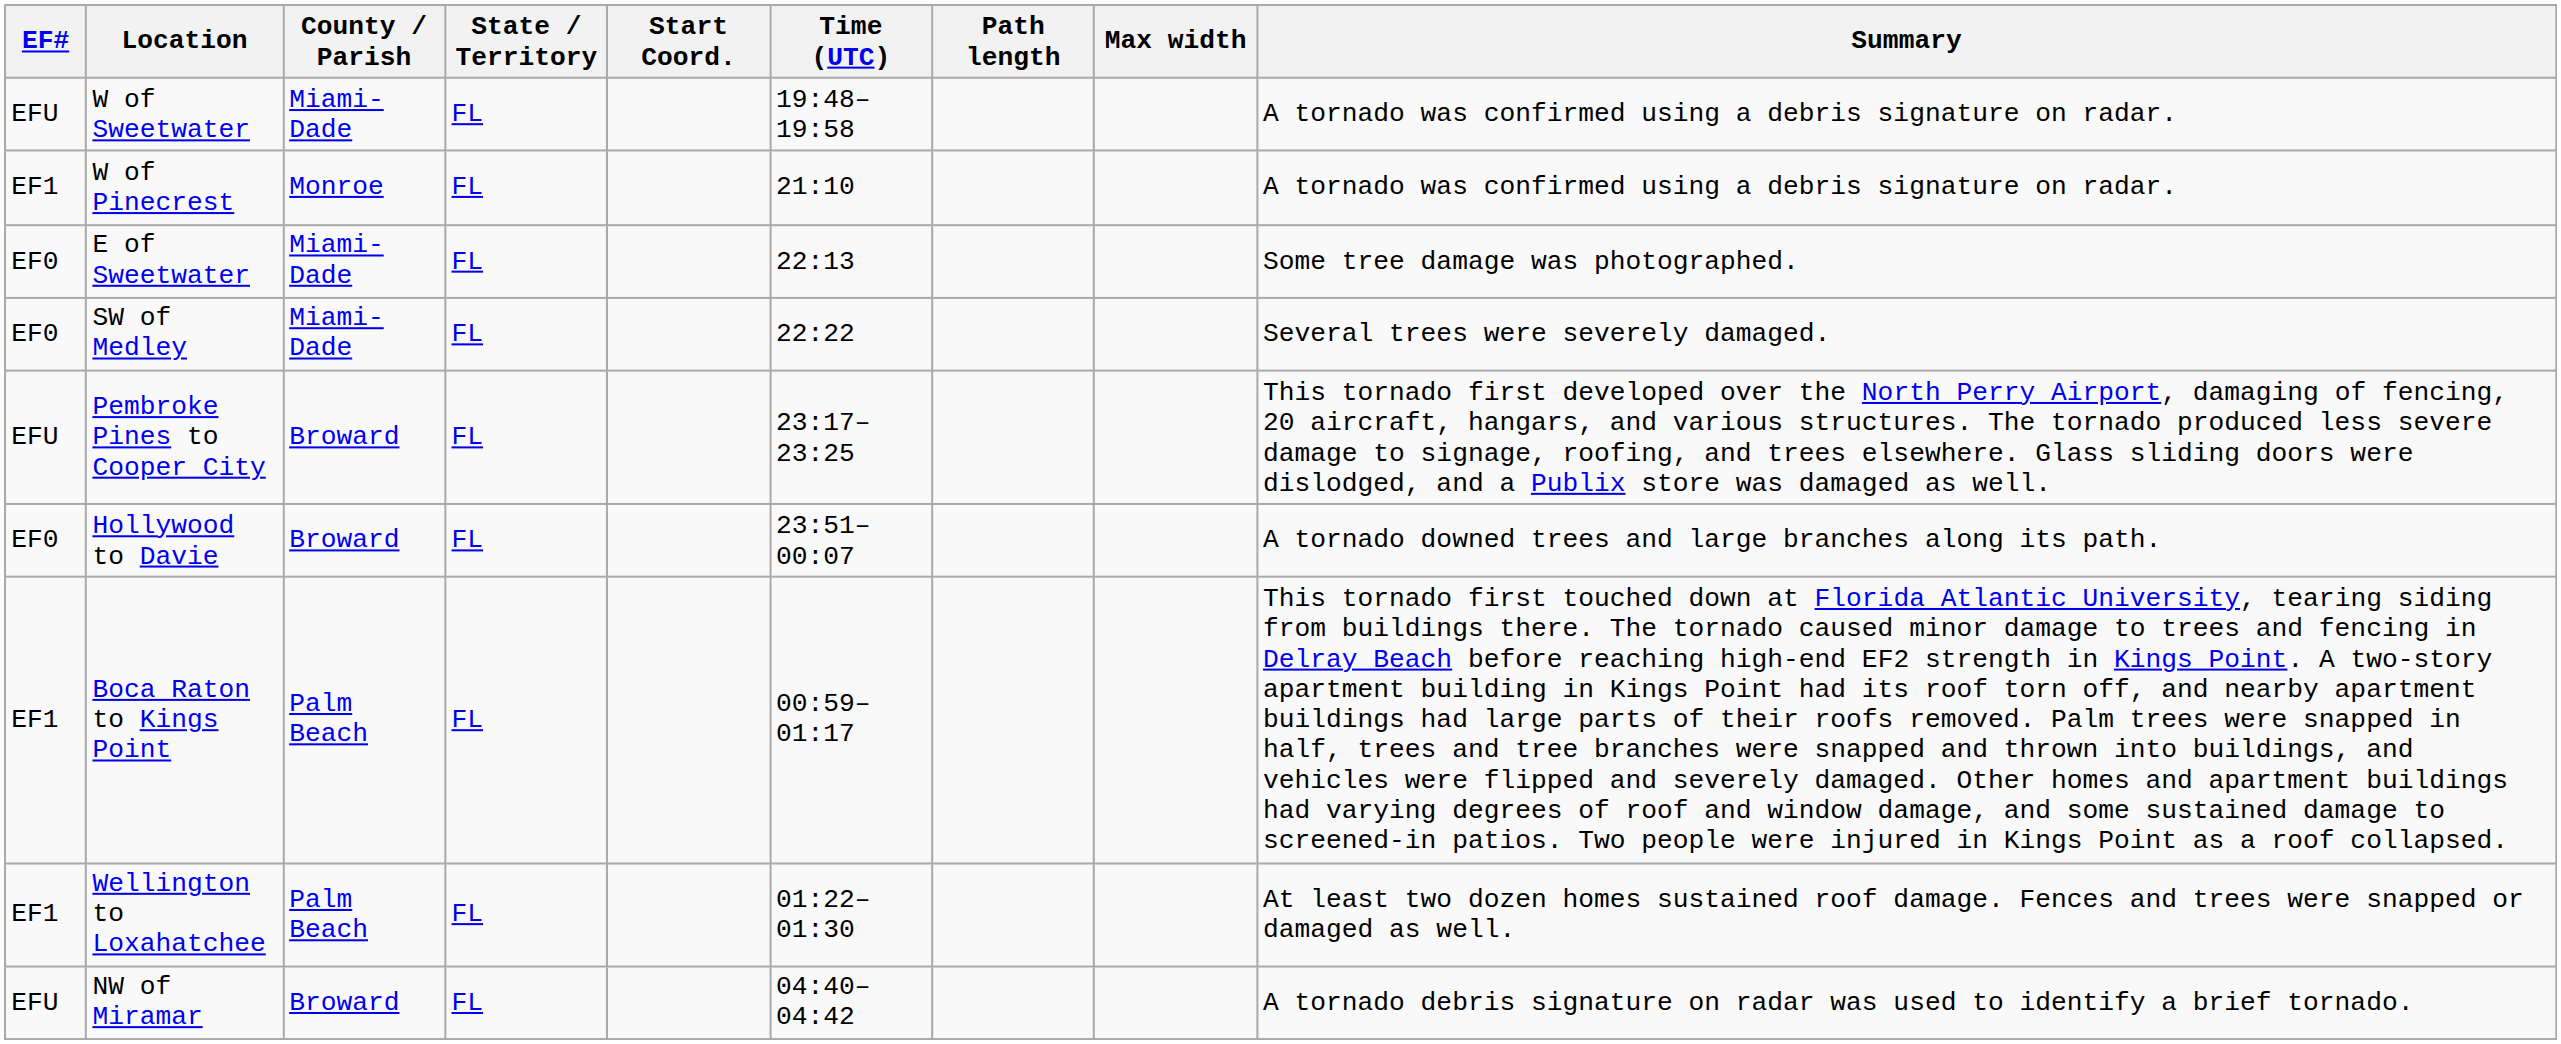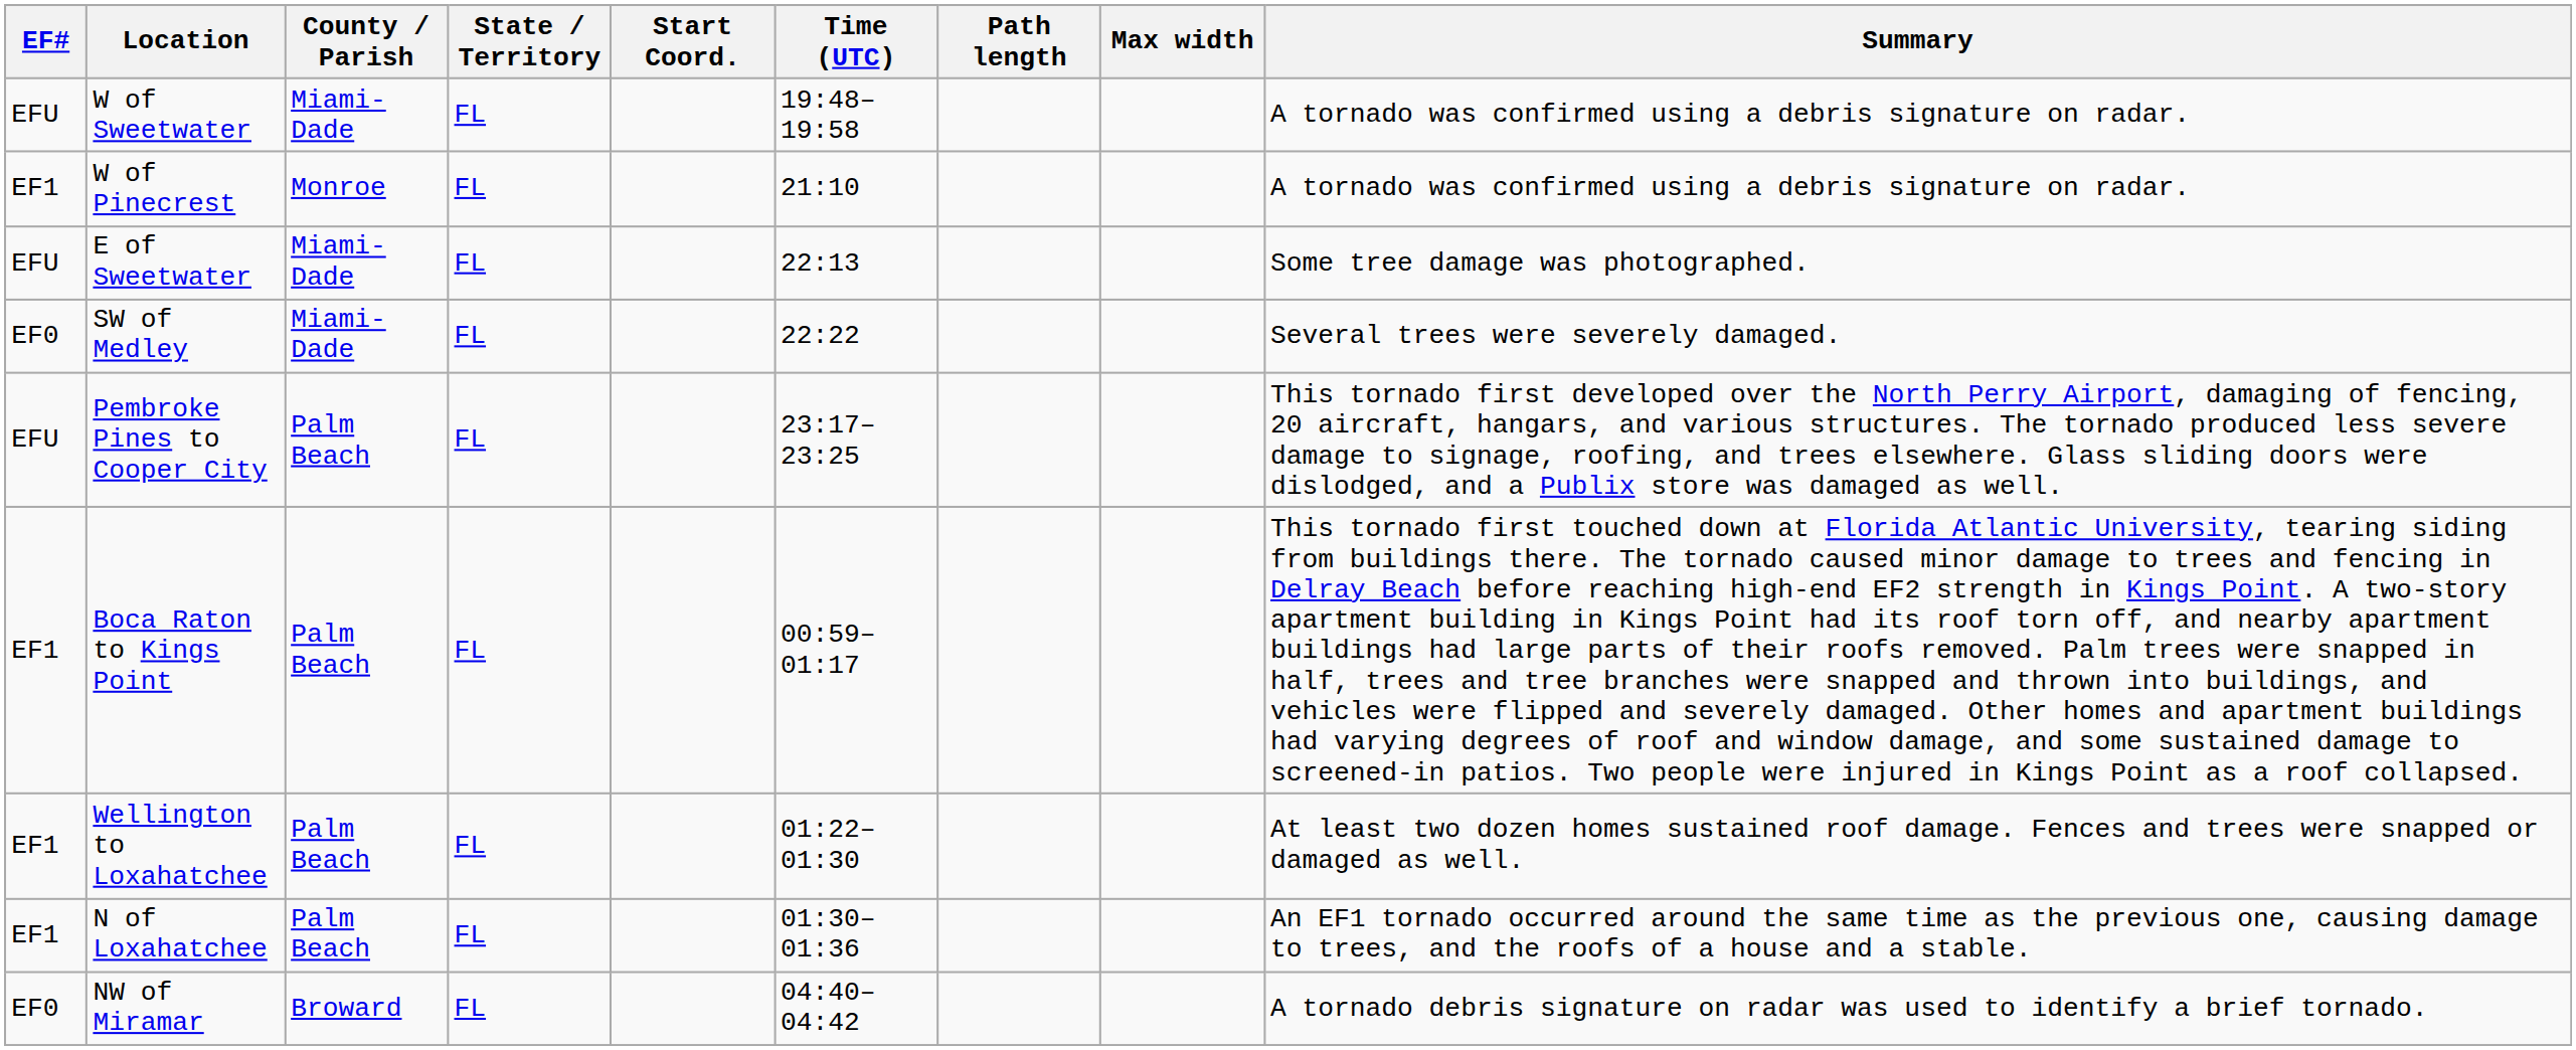 <table class="wikitable sortable" style="width:100%;">
 <tr>
 <th scope="col"  style="width:3%; text-align:center;"><a href='#'>EF#</a></th>
 <th scope="col"  style="width:7%; text-align:center;" class="unsortable">Location</th>
 <th scope="col"  style="width:6%; text-align:center;" class="unsortable">County / Parish</th>
 <th scope="col"  style="width:5%; text-align:center;">State / Territory</th>
 <th scope="col"  style="width:6%; text-align:center;">Start Coord.</th>
 <th scope="col"  style="width:6%; text-align:center;">Time (<a href='#'>UTC</a>)</th>
 <th scope="col"  style="width:6%; text-align:center;">Path length</th>
 <th scope="col"  style="width:6%; text-align:center;">Max width</th>
 <th scope="col" class="unsortable" style="width:48%; text-align:center;">Summary</th>
 </tr>
 <tr>
 <td>EFU</td>
 <td>W of <a href='#'>Sweetwater</a></td>
 <td><a href='#'>Miami-Dade</a></td>
 <td><a href='#'>FL</a></td>
 <td></td>
 <td>19:48–19:58</td>
 <td></td>
 <td></td>
 <td>A tornado was confirmed using a debris signature on radar.</td>
 </tr>
 <tr>
 <td>EF1</td>
 <td>W of <a href='#'>Pinecrest</a></td>
 <td><a href='#'>Monroe</a></td>
 <td><a href='#'>FL</a></td>
 <td></td>
 <td>21:10</td>
 <td></td>
 <td></td>
 <td>A tornado was confirmed using a debris signature on radar.</td>
 </tr>
 <tr>
-<td>EF0</td>
+<td>EFU</td>
 <td>E of <a href='#'>Sweetwater</a></td>
 <td><a href='#'>Miami-Dade</a></td>
 <td><a href='#'>FL</a></td>
 <td></td>
 <td>22:13</td>
 <td></td>
 <td></td>
 <td>Some tree damage was photographed.</td>
 </tr>
 <tr>
 <td>EF0</td>
 <td>SW of <a href='#'>Medley</a></td>
 <td><a href='#'>Miami-Dade</a></td>
 <td><a href='#'>FL</a></td>
 <td></td>
 <td>22:22</td>
 <td></td>
 <td></td>
 <td>Several trees were severely damaged.</td>
 </tr>
 <tr>
 <td>EFU</td>
 <td><a href='#'>Pembroke Pines</a> to <a href='#'>Cooper City</a></td>
-<td><a href='#'>Broward</a></td>
+<td><a href='#'>Palm Beach</a></td>
 <td><a href='#'>FL</a></td>
 <td></td>
 <td>23:17–23:25</td>
 <td></td>
 <td></td>
 <td>This tornado first developed over the <a href='#'>North Perry Airport</a>, damaging  of fencing, 20 aircraft, hangars, and various structures. The tornado produced less severe damage to signage, roofing, and trees elsewhere. Glass sliding doors were dislodged, and a <a href='#'>Publix</a> store was damaged as well.</td>
-</tr>
-<tr>
-<td>EF0</td>
-<td><a href='#'>Hollywood</a> to <a href='#'>Davie</a></td>
-<td><a href='#'>Broward</a></td>
-<td><a href='#'>FL</a></td>
-<td></td>
-<td>23:51–00:07</td>
-<td></td>
-<td></td>
-<td>A tornado downed trees and large branches along its path.</td>
 </tr>
 <tr>
 <td>EF1</td>
 <td><a href='#'>Boca Raton</a> to <a href='#'>Kings Point</a></td>
 <td><a href='#'>Palm Beach</a></td>
 <td><a href='#'>FL</a></td>
 <td></td>
 <td>00:59–01:17</td>
 <td></td>
 <td></td>
 <td>This tornado first touched down at <a href='#'>Florida Atlantic University</a>, tearing siding from buildings there. The tornado caused minor damage to trees and fencing in <a href='#'>Delray Beach</a> before reaching high-end EF2 strength in <a href='#'>Kings Point</a>. A two-story apartment building in Kings Point had its roof torn off, and nearby apartment buildings had large parts of their roofs removed. Palm trees were snapped in half, trees and tree branches were snapped and thrown into buildings, and vehicles were flipped and severely damaged. Other homes and apartment buildings had varying degrees of roof and window damage, and some sustained damage to screened-in patios. Two people were injured in Kings Point as a roof collapsed.</td>
 </tr>
 <tr>
 <td>EF1</td>
 <td><a href='#'>Wellington</a> to <a href='#'>Loxahatchee</a></td>
 <td><a href='#'>Palm Beach</a></td>
 <td><a href='#'>FL</a></td>
 <td></td>
 <td>01:22–01:30</td>
 <td></td>
 <td></td>
 <td>At least two dozen homes sustained roof damage. Fences and trees were snapped or damaged as well.</td>
 </tr>
 <tr>
-<td>EFU</td>
+<td>EF1</td>
+<td>N of <a href='#'>Loxahatchee</a></td>
+<td><a href='#'>Palm Beach</a></td>
+<td><a href='#'>FL</a></td>
+<td></td>
+<td>01:30–01:36</td>
+<td></td>
+<td></td>
+<td>An EF1 tornado occurred around the same time as the previous one, causing damage to trees, and the roofs of a house and a stable.</td>
+</tr>
+<tr>
+<td>EF0</td>
 <td>NW of <a href='#'>Miramar</a></td>
 <td><a href='#'>Broward</a></td>
 <td><a href='#'>FL</a></td>
 <td></td>
 <td>04:40–04:42</td>
 <td></td>
 <td></td>
 <td>A tornado debris signature on radar was used to identify a brief tornado.</td>
 </tr>
 <tr>
 </tr>
 </table>
